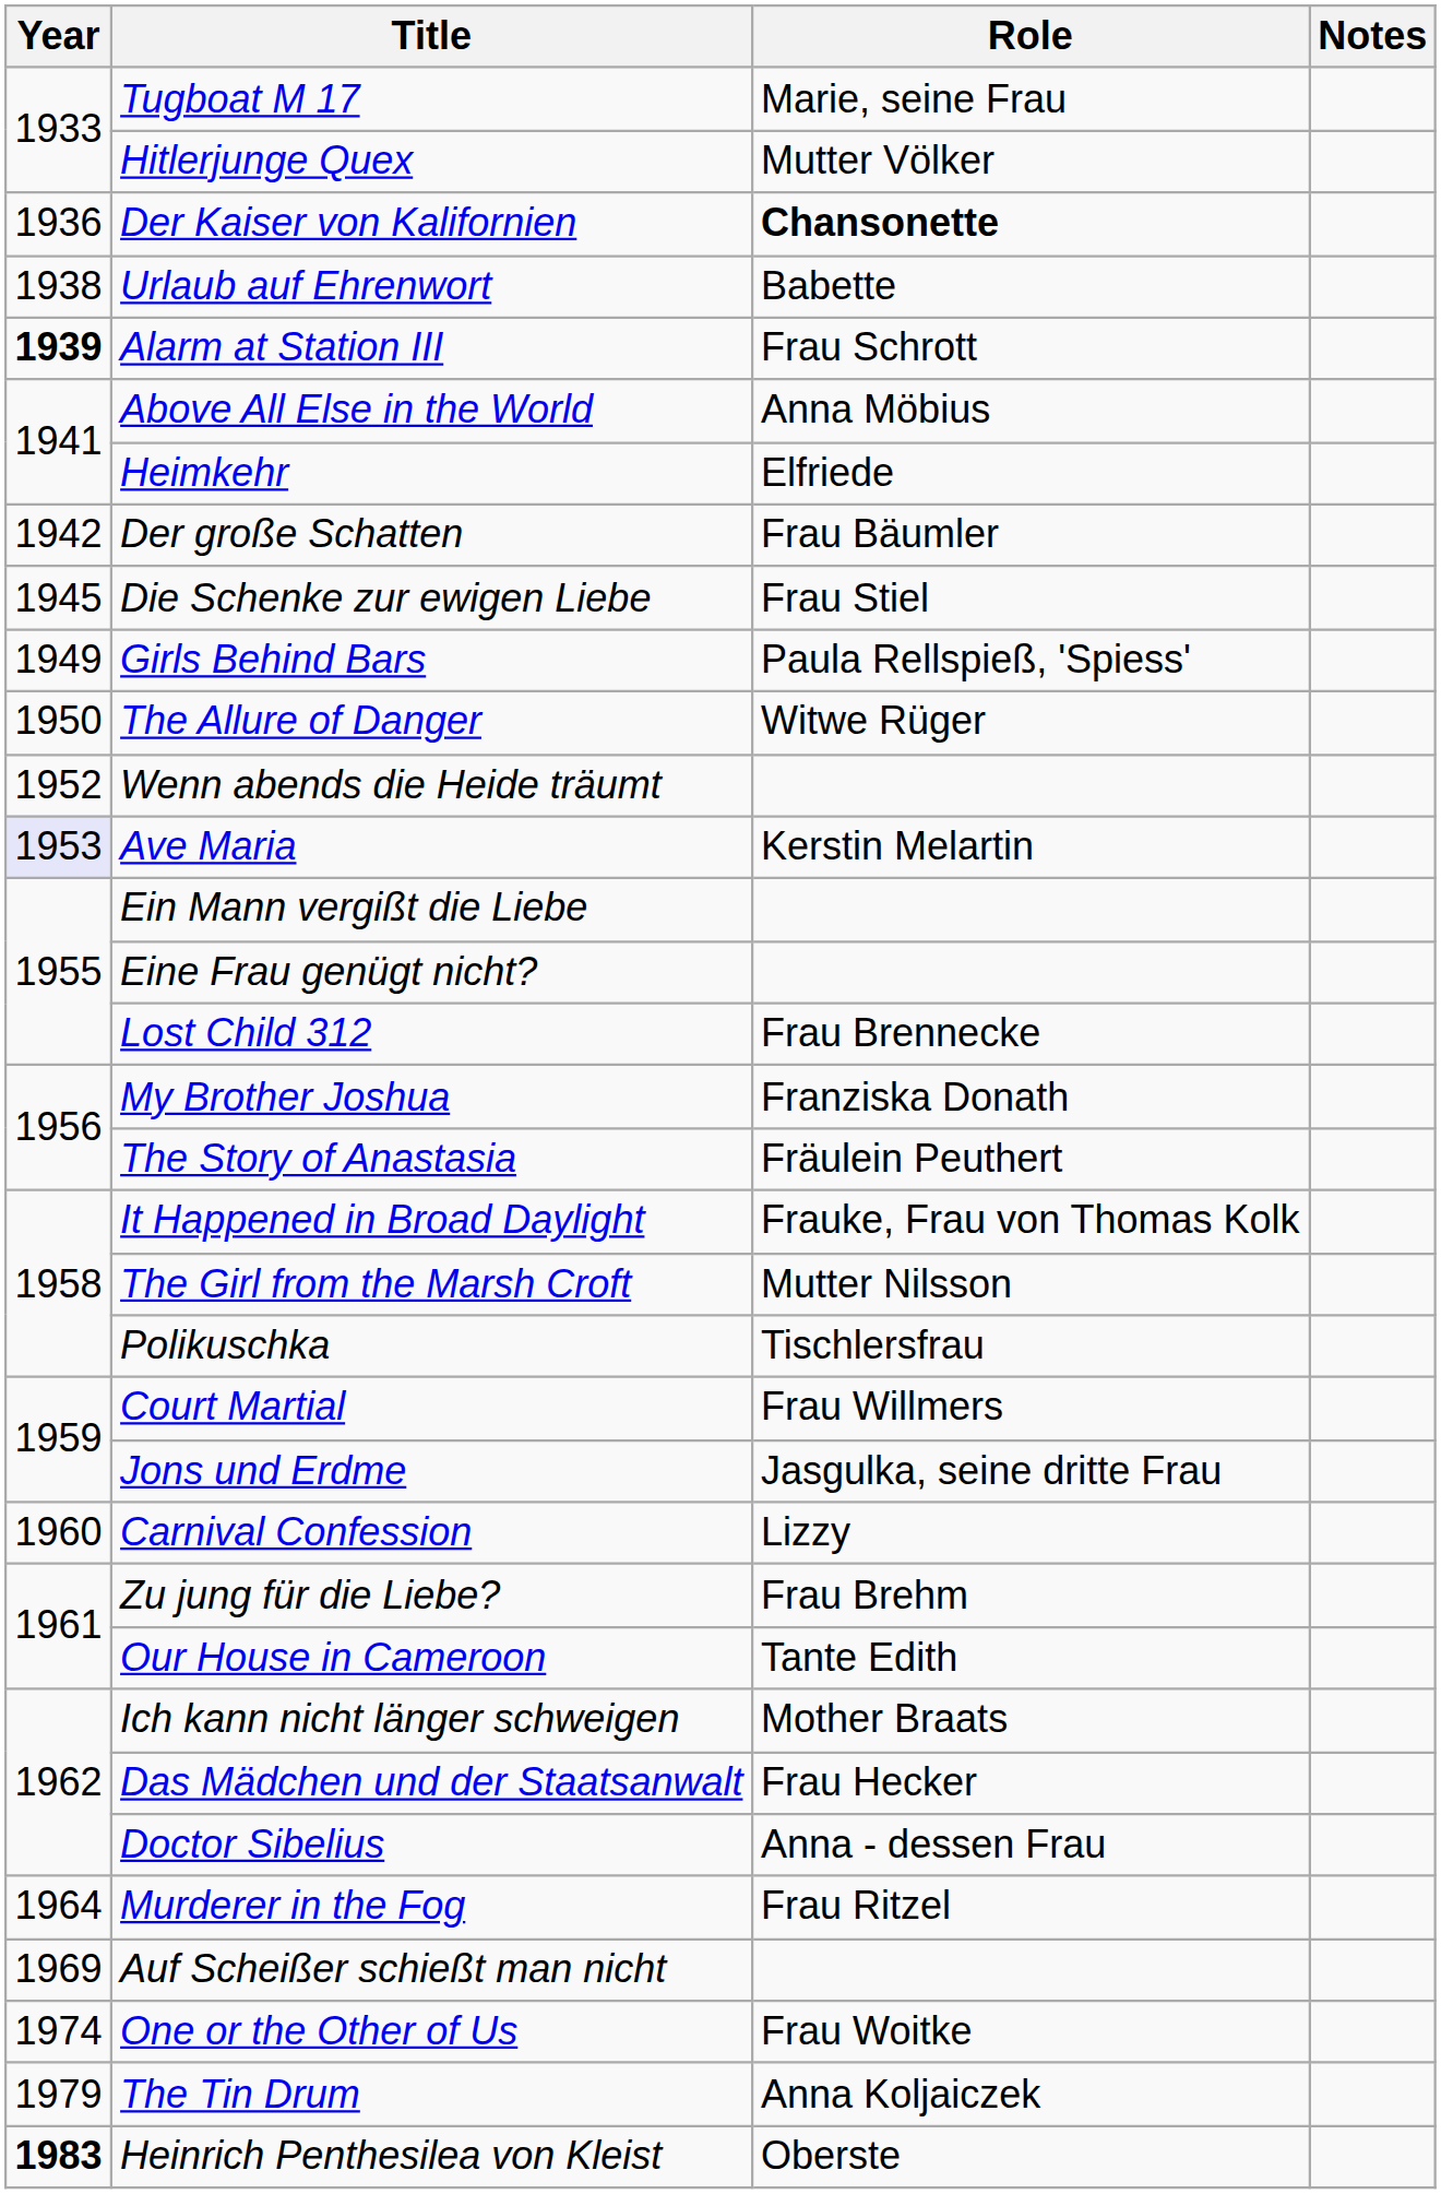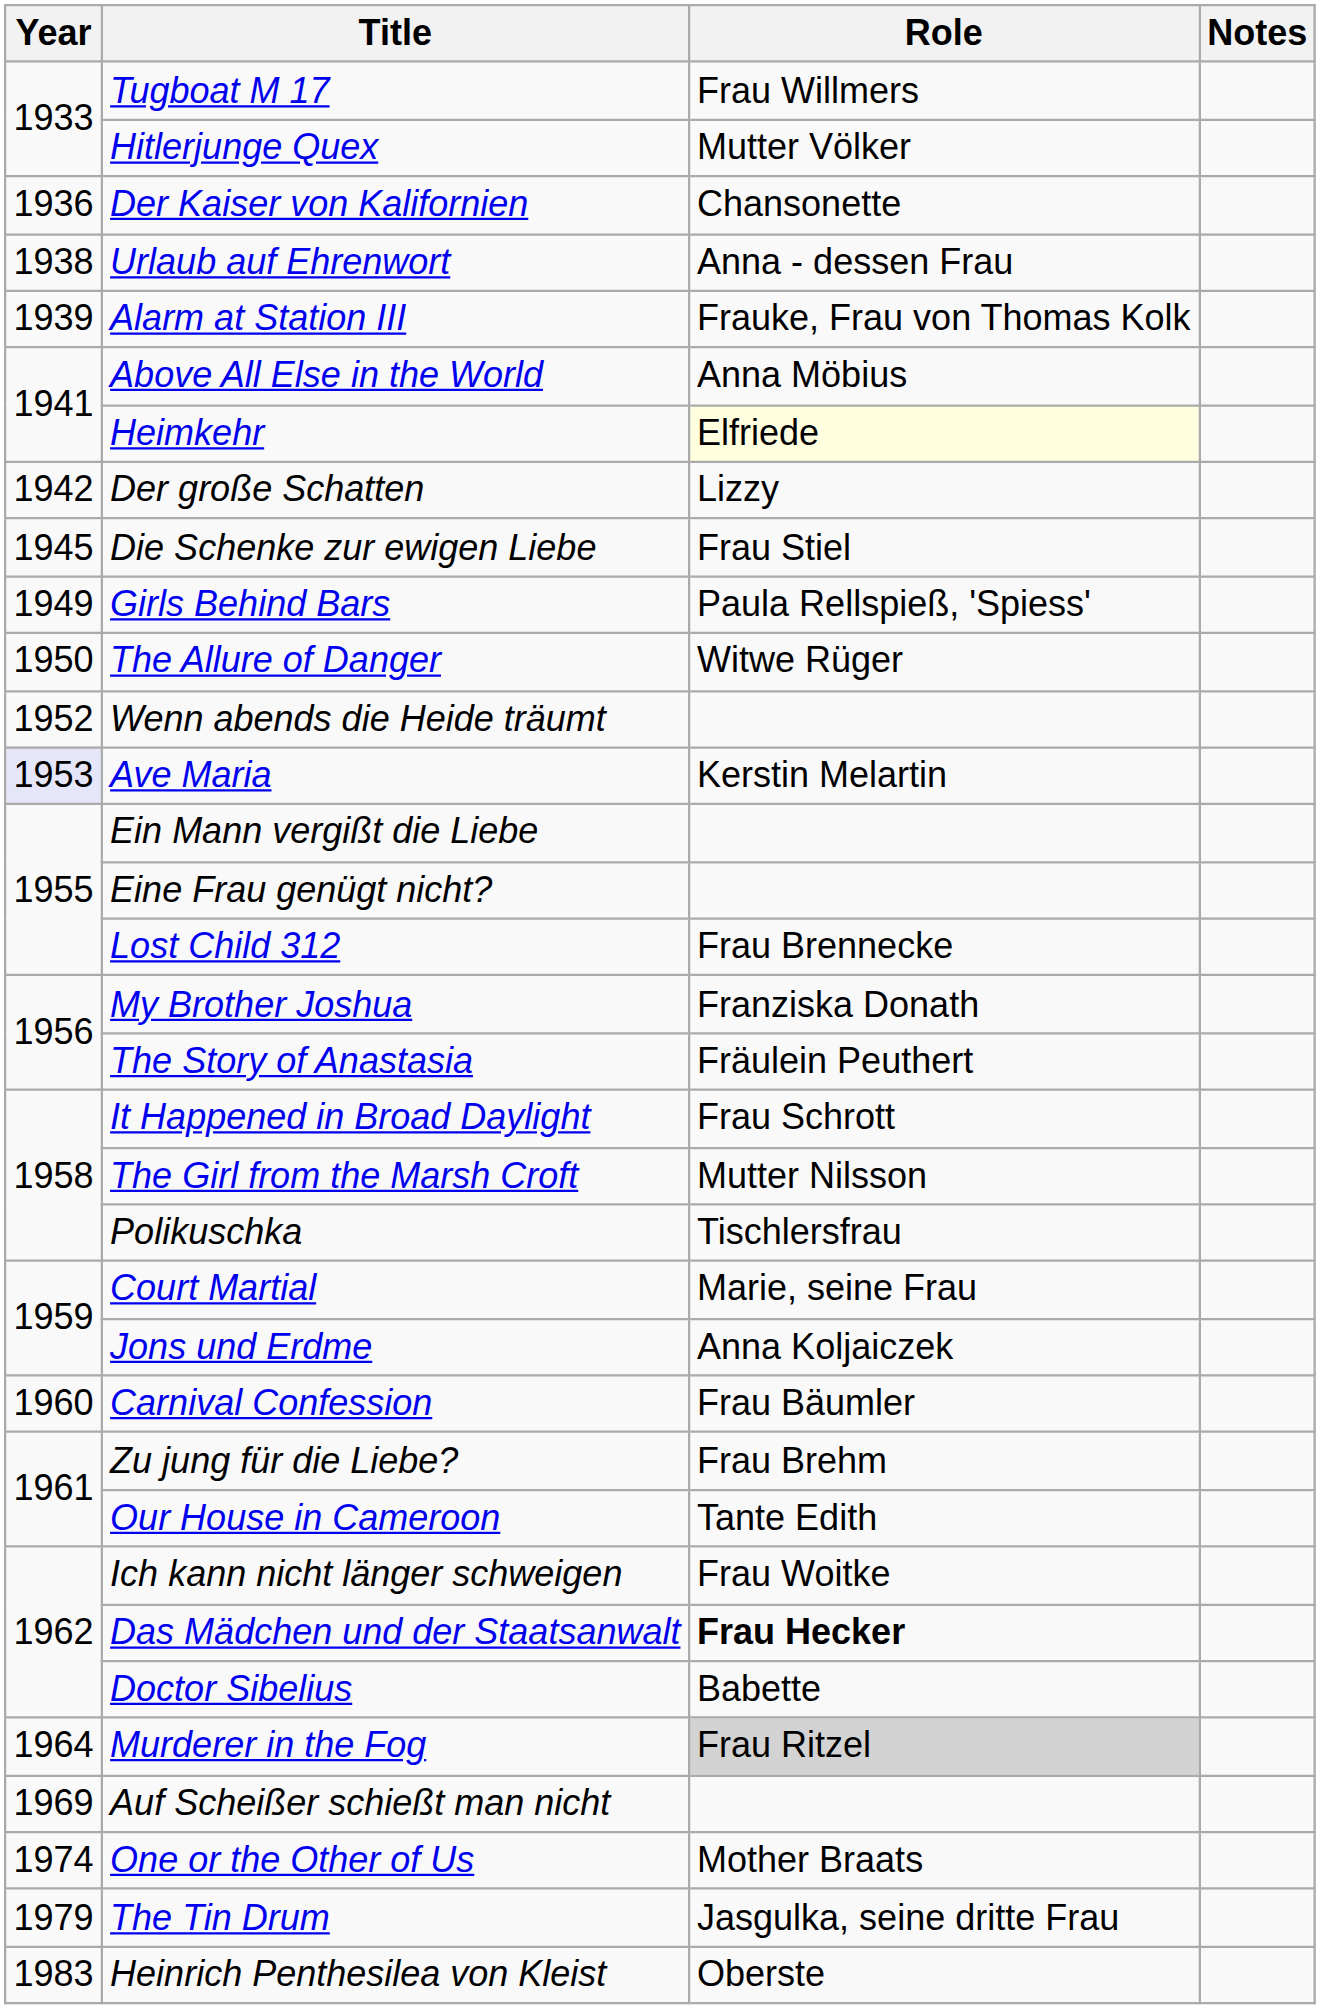 <table class="wikitable sortable">
 <tr>
 <th>Year</th>
 <th>Title</th>
 <th>Role</th>
 <th class="unsortable">Notes</th>
 </tr>
 <tr>
 <td rowspan=2>1933</td>
 <td><em><a href='#'>Tugboat M 17</a></em></td>
-<td>Marie, seine Frau</td>
+<td>Frau Willmers</td>
 <td></td>
 </tr>
 <tr>
 <td><em><a href='#'>Hitlerjunge Quex</a></em></td>
 <td>Mutter Völker</td>
 <td></td>
 </tr>
 <tr>
 <td>1936</td>
 <td><em><a href='#'>Der Kaiser von Kalifornien</a></em></td>
-<td><strong>Chansonette</strong></td>
+<td>Chansonette</td>
 <td></td>
 </tr>
 <tr>
 <td>1938</td>
 <td><em><a href='#'>Urlaub auf Ehrenwort</a></em></td>
-<td>Babette</td>
+<td>Anna - dessen Frau</td>
 <td></td>
 </tr>
 <tr>
-<td><strong>1939</strong></td>
+<td>1939</td>
 <td><em><a href='#'>Alarm at Station III</a></em></td>
-<td>Frau Schrott</td>
+<td>Frauke, Frau von Thomas Kolk</td>
 <td></td>
 </tr>
 <tr>
 <td rowspan=2>1941</td>
 <td><em><a href='#'>Above All Else in the World</a></em></td>
 <td>Anna Möbius</td>
 <td></td>
 </tr>
 <tr>
 <td><em><a href='#'>Heimkehr</a></em></td>
-<td>Elfriede</td>
+<td style="background: lightyellow;">Elfriede</td>
 <td></td>
 </tr>
 <tr>
 <td>1942</td>
 <td><em>Der große Schatten</em></td>
-<td>Frau Bäumler</td>
+<td>Lizzy</td>
 <td></td>
 </tr>
 <tr>
 <td>1945</td>
 <td><em>Die Schenke zur ewigen Liebe</em></td>
 <td>Frau Stiel</td>
 <td></td>
 </tr>
 <tr>
 <td>1949</td>
 <td><em><a href='#'>Girls Behind Bars</a></em></td>
 <td>Paula Rellspieß, 'Spiess'</td>
 <td></td>
 </tr>
 <tr>
 <td>1950</td>
 <td><em><a href='#'>The Allure of Danger</a></em></td>
 <td>Witwe Rüger</td>
 <td></td>
 </tr>
 <tr>
 <td>1952</td>
 <td><em>Wenn abends die Heide träumt</em></td>
 <td></td>
 <td></td>
 </tr>
 <tr>
 <td style="background: lavender;">1953</td>
 <td><em><a href='#'>Ave Maria</a></em></td>
 <td>Kerstin Melartin</td>
 <td></td>
 </tr>
 <tr>
 <td rowspan=3>1955</td>
 <td><em>Ein Mann vergißt die Liebe</em></td>
 <td></td>
 <td></td>
 </tr>
 <tr>
 <td><em>Eine Frau genügt nicht?</em></td>
 <td></td>
 <td></td>
 </tr>
 <tr>
 <td><em><a href='#'>Lost Child 312</a></em></td>
 <td>Frau Brennecke</td>
 <td></td>
 </tr>
 <tr>
 <td rowspan=2>1956</td>
 <td><em><a href='#'>My Brother Joshua</a></em></td>
 <td>Franziska Donath</td>
 <td></td>
 </tr>
 <tr>
 <td><em><a href='#'>The Story of Anastasia</a></em></td>
 <td>Fräulein Peuthert</td>
 <td></td>
 </tr>
 <tr>
 <td rowspan=3>1958</td>
 <td><em><a href='#'>It Happened in Broad Daylight</a></em></td>
-<td>Frauke, Frau von Thomas Kolk</td>
+<td>Frau Schrott</td>
 <td></td>
 </tr>
 <tr>
 <td><em><a href='#'>The Girl from the Marsh Croft</a></em></td>
 <td>Mutter Nilsson</td>
 <td></td>
 </tr>
 <tr>
 <td><em>Polikuschka</em></td>
 <td>Tischlersfrau</td>
 <td></td>
 </tr>
 <tr>
 <td rowspan=2>1959</td>
 <td><em><a href='#'>Court Martial</a></em></td>
-<td>Frau Willmers</td>
+<td>Marie, seine Frau</td>
 <td></td>
 </tr>
 <tr>
 <td><em><a href='#'>Jons und Erdme</a></em></td>
-<td>Jasgulka, seine dritte Frau</td>
+<td>Anna Koljaiczek</td>
 <td></td>
 </tr>
 <tr>
 <td>1960</td>
 <td><em><a href='#'>Carnival Confession</a></em></td>
-<td>Lizzy</td>
+<td>Frau Bäumler</td>
 <td></td>
 </tr>
 <tr>
 <td rowspan=2>1961</td>
 <td><em>Zu jung für die Liebe?</em></td>
 <td>Frau Brehm</td>
 <td></td>
 </tr>
 <tr>
 <td><em><a href='#'>Our House in Cameroon</a></em></td>
 <td>Tante Edith</td>
 <td></td>
 </tr>
 <tr>
 <td rowspan=3>1962</td>
 <td><em>Ich kann nicht länger schweigen</em></td>
-<td>Mother Braats</td>
+<td>Frau Woitke</td>
 <td></td>
 </tr>
 <tr>
 <td><em><a href='#'>Das Mädchen und der Staatsanwalt</a></em></td>
-<td>Frau Hecker</td>
+<td><strong>Frau Hecker</strong></td>
 <td></td>
 </tr>
 <tr>
 <td><em><a href='#'>Doctor Sibelius</a></em></td>
-<td>Anna - dessen Frau</td>
+<td>Babette</td>
 <td></td>
 </tr>
 <tr>
 <td>1964</td>
 <td><em><a href='#'>Murderer in the Fog</a></em></td>
-<td>Frau Ritzel</td>
+<td style="background: lightgrey;">Frau Ritzel</td>
 <td></td>
 </tr>
 <tr>
 <td>1969</td>
 <td><em>Auf Scheißer schießt man nicht</em></td>
 <td></td>
 <td></td>
 </tr>
 <tr>
 <td>1974</td>
 <td><em><a href='#'>One or the Other of Us</a></em></td>
-<td>Frau Woitke</td>
+<td>Mother Braats</td>
 <td></td>
 </tr>
 <tr>
 <td>1979</td>
 <td><em><a href='#'>The Tin Drum</a></em></td>
-<td>Anna Koljaiczek</td>
+<td>Jasgulka, seine dritte Frau</td>
 <td></td>
 </tr>
 <tr>
-<td><strong>1983</strong></td>
+<td>1983</td>
 <td><em>Heinrich Penthesilea von Kleist</em></td>
 <td>Oberste</td>
 <td></td>
 </tr>
 </table>
